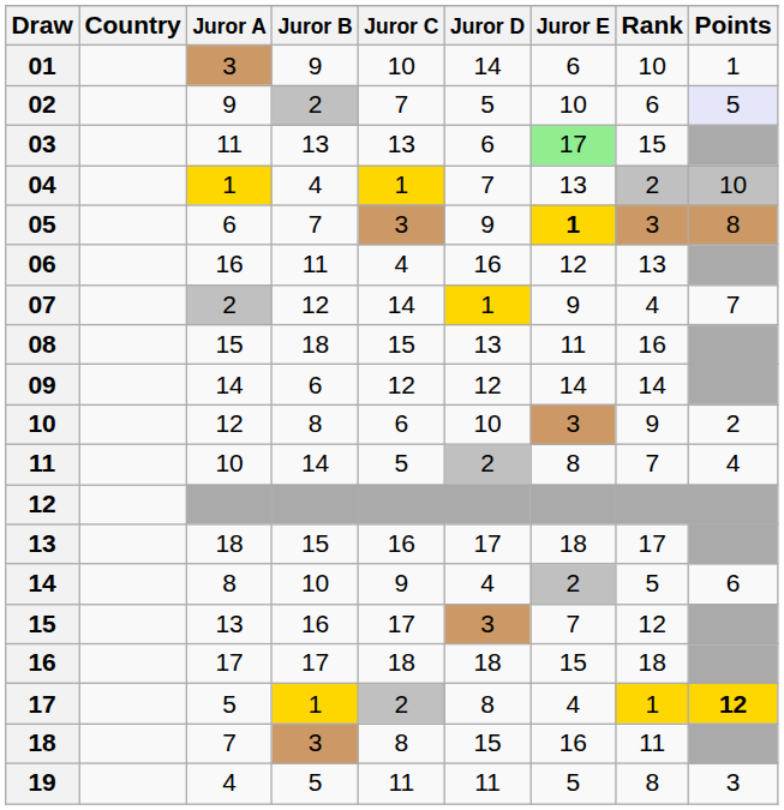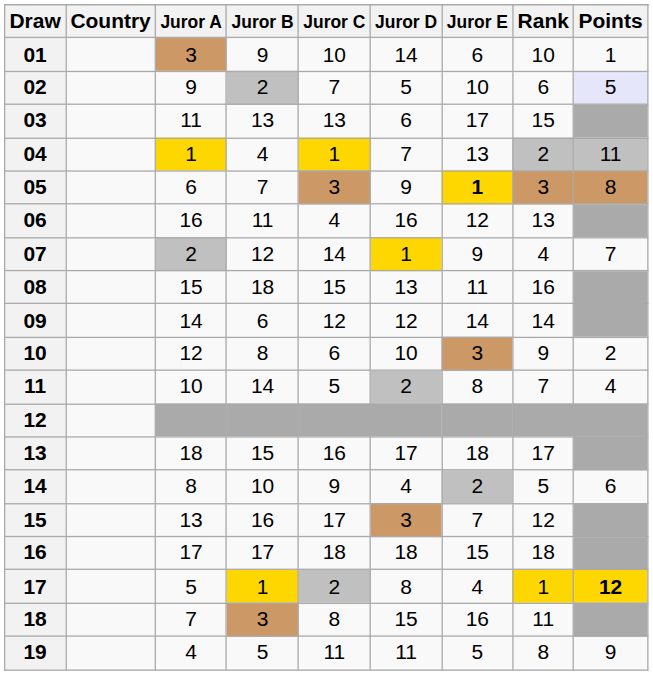 <table class="sortable wikitable collapsible plainrowheaders" style="text-align:center;">
 <tr>
 </tr>
 <tr>
 <th scope="col">Draw</th>
 <th scope="col">Country</th>
 <th scope="col"><small>Juror A</small></th>
 <th scope="col"><small>Juror B</small></th>
 <th scope="col"><small>Juror C</small></th>
 <th scope="col"><small>Juror D</small></th>
 <th scope="col"><small>Juror E</small></th>
 <th scope="col">Rank</th>
 <th scope="col">Points</th>
 </tr>
 <tr>
 <th scope="row" style="text-align:center;">01</th>
 <td style="text-align:left;"></td>
 <td style="background:#CC9966;">3</td>
 <td>9</td>
 <td>10</td>
 <td>14</td>
 <td>6</td>
 <td>10</td>
 <td>1</td>
 </tr>
 <tr>
 <th scope="row" style="text-align:center;">02</th>
 <td style="text-align:left;"></td>
 <td>9</td>
 <td style="background:silver;">2</td>
 <td>7</td>
 <td>5</td>
 <td>10</td>
 <td>6</td>
 <td style="background: lavender;">5</td>
 </tr>
 <tr>
 <th scope="row" style="text-align:center;">03</th>
 <td style="text-align:left;"></td>
 <td>11</td>
 <td>13</td>
 <td>13</td>
 <td>6</td>
-<td style="background: lightgreen;">17</td>
+<td>17</td>
 <td>15</td>
 <td style="background:#AAAAAA;"></td>
 </tr>
 <tr>
 <th scope="row" style="text-align:center;">04</th>
 <td style="text-align:left;"></td>
 <td style="background:gold;">1</td>
 <td>4</td>
 <td style="background:gold;">1</td>
 <td>7</td>
 <td>13</td>
 <td style="background:silver;">2</td>
-<td style="background:silver;">10</td>
+<td style="background:silver;">11</td>
 </tr>
 <tr>
 <th scope="row" style="text-align:center;">05</th>
 <td style="text-align:left;"></td>
 <td>6</td>
 <td>7</td>
 <td style="background:#CC9966;">3</td>
 <td>9</td>
 <td style="background:gold;"><strong>1</strong></td>
 <td style="background:#CC9966;">3</td>
 <td style="background:#CC9966;">8</td>
 </tr>
 <tr>
 <th scope="row" style="text-align:center;">06</th>
 <td style="text-align:left;"></td>
 <td>16</td>
 <td>11</td>
 <td>4</td>
 <td>16</td>
 <td>12</td>
 <td>13</td>
 <td style="background:#AAAAAA;"></td>
 </tr>
 <tr>
 <th scope="row" style="text-align:center;">07</th>
 <td style="text-align:left;"></td>
 <td style="background:silver;">2</td>
 <td>12</td>
 <td>14</td>
 <td style="background:gold;">1</td>
 <td>9</td>
 <td>4</td>
 <td>7</td>
 </tr>
 <tr>
 <th scope="row" style="text-align:center;">08</th>
 <td style="text-align:left;"></td>
 <td>15</td>
 <td>18</td>
 <td>15</td>
 <td>13</td>
 <td>11</td>
 <td>16</td>
 <td style="background:#AAAAAA;"></td>
 </tr>
 <tr>
 <th scope="row" style="text-align:center;">09</th>
 <td style="text-align:left;"></td>
 <td>14</td>
 <td>6</td>
 <td>12</td>
 <td>12</td>
 <td>14</td>
 <td>14</td>
 <td style="background:#AAAAAA;"></td>
 </tr>
 <tr>
 <th scope="row" style="text-align:center;">10</th>
 <td style="text-align:left;"></td>
 <td>12</td>
 <td>8</td>
 <td>6</td>
 <td>10</td>
 <td style="background:#CC9966;">3</td>
 <td>9</td>
 <td>2</td>
 </tr>
 <tr>
 <th scope="row" style="text-align:center;">11</th>
 <td style="text-align:left;"></td>
 <td>10</td>
 <td>14</td>
 <td>5</td>
 <td style="background:silver;">2</td>
 <td>8</td>
 <td>7</td>
 <td>4</td>
 </tr>
 <tr class="sortbottom">
 <th scope="row" style="text-align:center;">12</th>
 <td style="text-align:left;"></td>
 <td style="background:#AAAAAA;"></td>
 <td style="background:#AAAAAA;"></td>
 <td style="background:#AAAAAA;"></td>
 <td style="background:#AAAAAA;"></td>
 <td style="background:#AAAAAA;"></td>
 <td style="background:#AAAAAA;"></td>
 <td style="background:#AAAAAA;"></td>
 </tr>
 <tr>
 <th scope="row" style="text-align:center;">13</th>
 <td style="text-align:left;"></td>
 <td>18</td>
 <td>15</td>
 <td>16</td>
 <td>17</td>
 <td>18</td>
 <td>17</td>
 <td style="background:#AAAAAA;"></td>
 </tr>
 <tr>
 <th scope="row" style="text-align:center;">14</th>
 <td style="text-align:left;"></td>
 <td>8</td>
 <td>10</td>
 <td>9</td>
 <td>4</td>
 <td style="background:silver;">2</td>
 <td>5</td>
 <td>6</td>
 </tr>
 <tr>
 <th scope="row" style="text-align:center;">15</th>
 <td style="text-align:left;"></td>
 <td>13</td>
 <td>16</td>
 <td>17</td>
 <td style="background:#CC9966;">3</td>
 <td>7</td>
 <td>12</td>
 <td style="background:#AAAAAA;"></td>
 </tr>
 <tr>
 <th scope="row" style="text-align:center;">16</th>
 <td style="text-align:left;"></td>
 <td>17</td>
 <td>17</td>
 <td>18</td>
 <td>18</td>
 <td>15</td>
 <td>18</td>
 <td style="background:#AAAAAA;"></td>
 </tr>
 <tr>
 <th scope="row" style="text-align:center;">17</th>
 <td style="text-align:left;"></td>
 <td>5</td>
 <td style="background:gold;">1</td>
 <td style="background:silver;">2</td>
 <td>8</td>
 <td>4</td>
 <td style="background:gold;">1</td>
 <td style="background:gold;"><strong>12</strong></td>
 </tr>
 <tr>
 <th scope="row" style="text-align:center;">18</th>
 <td style="text-align:left;"></td>
 <td>7</td>
 <td style="background:#CC9966;">3</td>
 <td>8</td>
 <td>15</td>
 <td>16</td>
 <td>11</td>
 <td style="background:#AAAAAA;"></td>
 </tr>
 <tr>
 <th scope="row" style="text-align:center;">19</th>
 <td style="text-align:left;"></td>
 <td>4</td>
 <td>5</td>
 <td>11</td>
 <td>11</td>
 <td>5</td>
 <td>8</td>
-<td>3</td>
+<td>9</td>
 </tr>
 </table>
